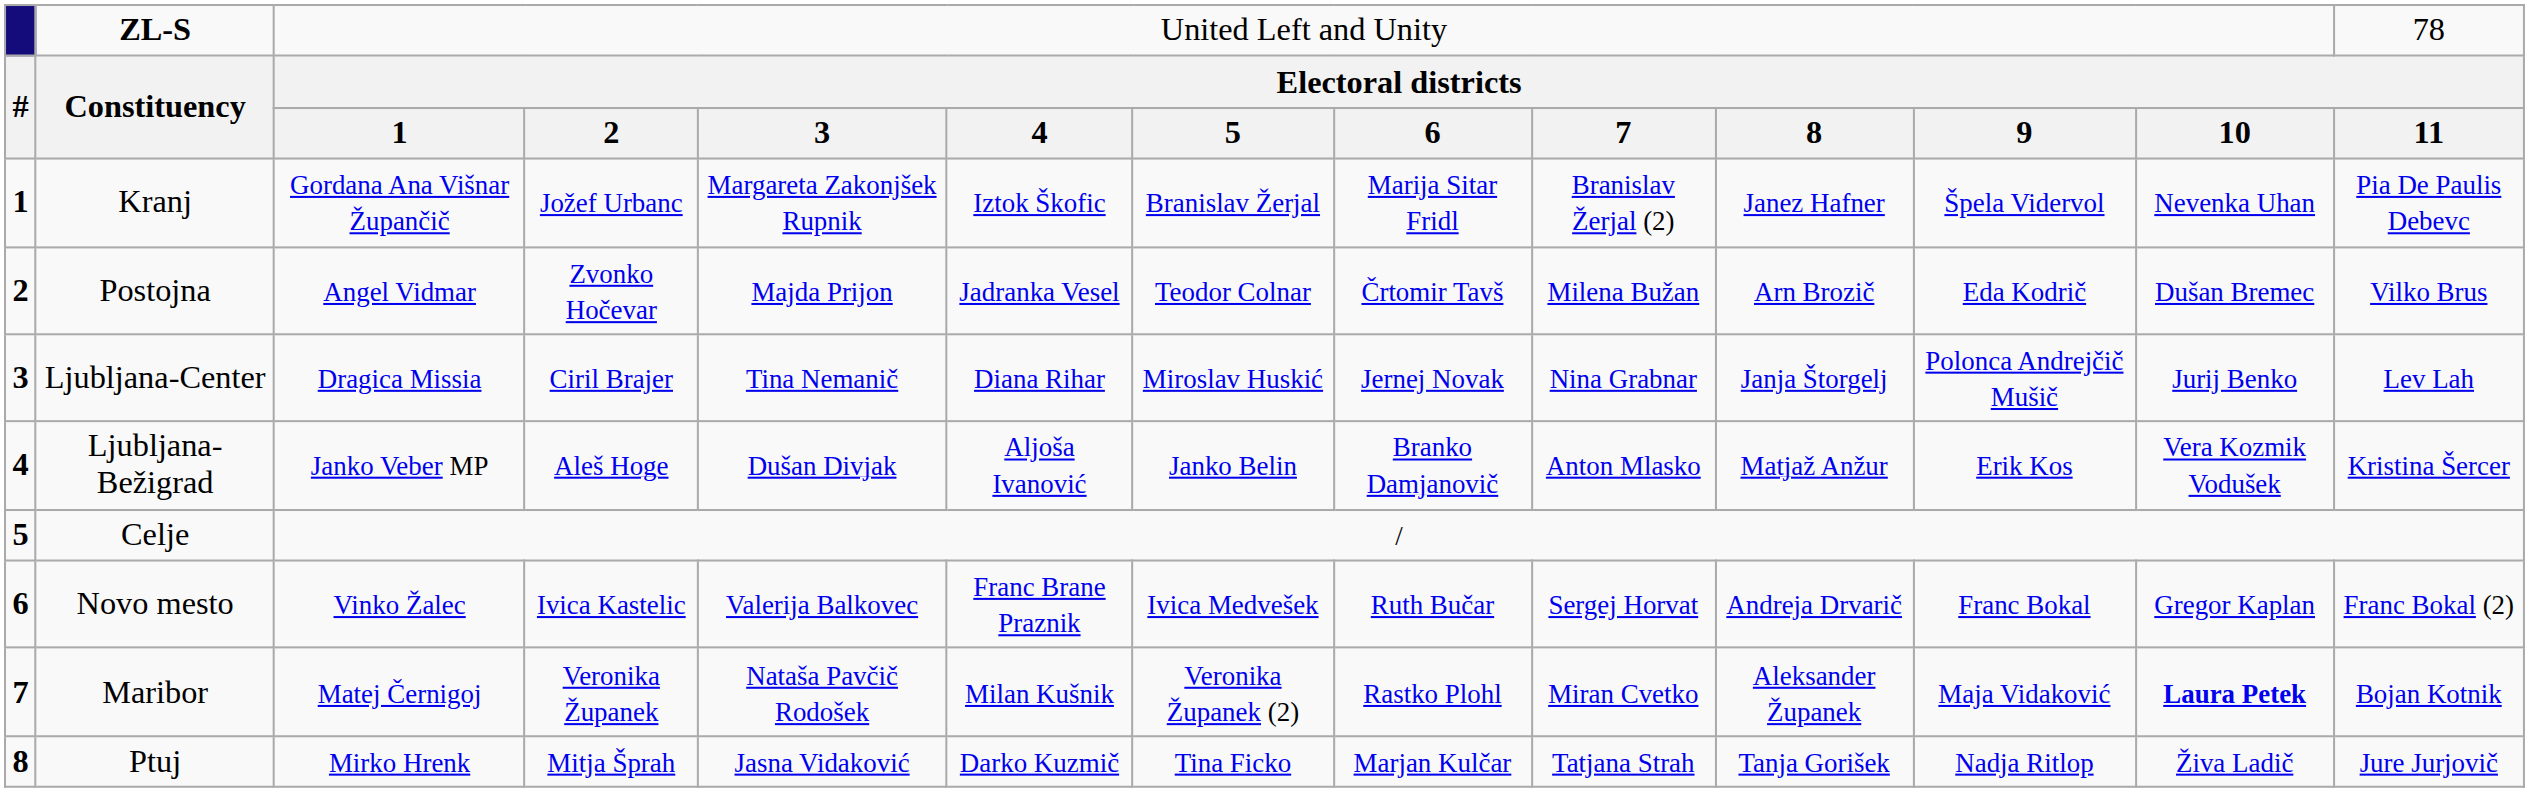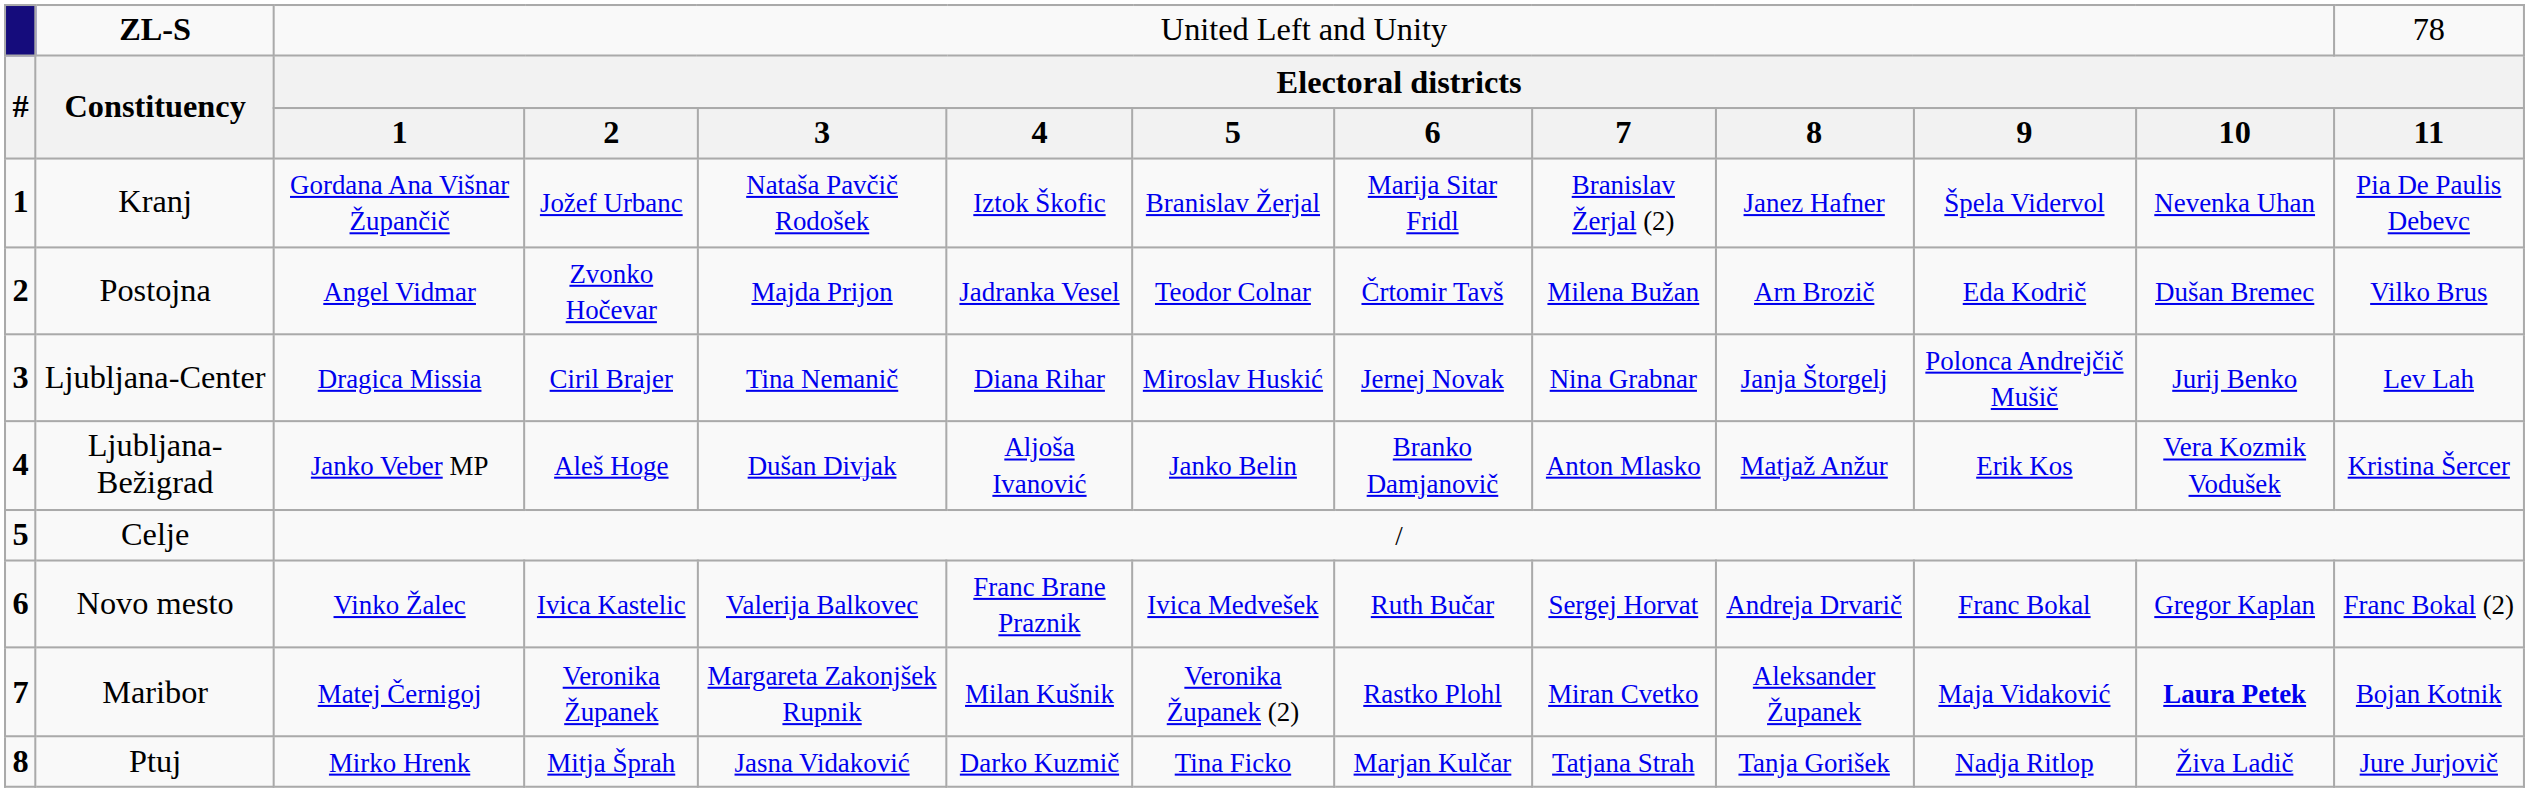 <table class="wikitable" style="text-align: center;">
 <tr>
 <td style="background:#150c7c"></td>
 <td><strong>ZL-S</strong></td>
 <td colspan="10">United Left and Unity<br></td>
 <td>78<br></td>
 </tr>
 <tr>
 <th rowspan="2">#</th>
 <th rowspan="2">Constituency</th>
 <th colspan="11">Electoral districts</th>
 </tr>
 <tr>
 <th>1</th>
 <th>2</th>
 <th>3</th>
 <th>4</th>
 <th>5</th>
 <th>6</th>
 <th>7</th>
 <th>8</th>
 <th>9</th>
 <th>10</th>
 <th>11</th>
 </tr>
 <tr>
 <td style="text-align:center;"><strong>1</strong></td>
 <td>Kranj</td>
 <td><a href='#'><small>Gordana Ana Višnar Župančič</small></a></td>
 <td><a href='#'><small>Jožef Urbanc</small></a></td>
-<td><a href='#'><small>Margareta Zakonjšek Rupnik</small></a></td>
+<td><a href='#'><small>Nataša Pavčič Rodošek</small></a></td>
 <td><a href='#'><small>Iztok Škofic</small></a></td>
 <td><a href='#'><small>Branislav Žerjal</small></a></td>
 <td><a href='#'><small>Marija Sitar Fridl</small></a></td>
 <td><small><a href='#'>Branislav Žerjal</a> (2)</small></td>
 <td><a href='#'><small>Janez Hafner</small></a></td>
 <td><a href='#'><small>Špela Vidervol</small></a></td>
 <td><a href='#'><small>Nevenka Uhan</small></a></td>
 <td><a href='#'><small>Pia De Paulis Debevc</small></a></td>
 </tr>
 <tr>
 <td style="text-align:center;"><strong>2</strong></td>
 <td>Postojna</td>
 <td><a href='#'><small>Angel Vidmar</small></a></td>
 <td><a href='#'><small>Zvonko Hočevar</small></a></td>
 <td><a href='#'><small>Majda Prijon</small></a></td>
 <td><a href='#'><small>Jadranka Vesel</small></a></td>
 <td><a href='#'><small>Teodor Colnar</small></a></td>
 <td><a href='#'><small>Črtomir Tavš</small></a></td>
 <td><a href='#'><small>Milena Bužan</small></a></td>
 <td><a href='#'><small>Arn Brozič</small></a></td>
 <td><a href='#'><small>Eda Kodrič</small></a></td>
 <td><a href='#'><small>Dušan Bremec</small></a></td>
 <td><a href='#'><small>Vilko Brus</small></a></td>
 </tr>
 <tr>
 <td style="text-align:center;"><strong>3</strong></td>
 <td>Ljubljana-Center</td>
 <td><a href='#'><small>Dragica Missia</small></a></td>
 <td><a href='#'><small>Ciril Brajer</small></a></td>
 <td><a href='#'><small>Tina Nemanič</small></a></td>
 <td><a href='#'><small>Diana Rihar</small></a></td>
 <td><a href='#'><small>Miroslav Huskić</small></a></td>
 <td><a href='#'><small>Jernej Novak</small></a></td>
 <td><a href='#'><small>Nina Grabnar</small></a></td>
 <td><a href='#'><small>Janja Štorgelj</small></a></td>
 <td><a href='#'><small>Polonca Andrejčič Mušič</small></a></td>
 <td><a href='#'><small>Jurij Benko</small></a></td>
 <td><a href='#'><small>Lev Lah</small></a></td>
 </tr>
 <tr>
 <td style="text-align:center;"><strong>4</strong></td>
 <td>Ljubljana-Bežigrad</td>
 <td><small><a href='#'>Janko Veber</a> MP</small></td>
 <td><a href='#'><small>Aleš Hoge</small></a></td>
 <td><a href='#'><small>Dušan Divjak</small></a></td>
 <td><a href='#'><small>Aljoša Ivanović</small></a></td>
 <td><a href='#'><small>Janko Belin</small></a></td>
 <td><a href='#'><small>Branko Damjanovič</small></a></td>
 <td><a href='#'><small>Anton Mlasko</small></a></td>
 <td><a href='#'><small>Matjaž Anžur</small></a></td>
 <td><a href='#'><small>Erik Kos</small></a></td>
 <td><a href='#'><small>Vera Kozmik Vodušek</small></a></td>
 <td><a href='#'><small>Kristina Šercer</small></a></td>
 </tr>
 <tr>
 <td style="text-align:center;"><strong>5</strong></td>
 <td>Celje</td>
 <td colspan="11"><small>/</small></td>
 </tr>
 <tr>
 <td style="text-align:center;"><strong>6</strong></td>
 <td>Novo mesto</td>
 <td><a href='#'><small>Vinko Žalec</small></a></td>
 <td><a href='#'><small>Ivica Kastelic</small></a></td>
 <td><a href='#'><small>Valerija Balkovec</small></a></td>
 <td><a href='#'><small>Franc Brane Praznik</small></a></td>
 <td><a href='#'><small>Ivica Medvešek</small></a></td>
 <td><a href='#'><small>Ruth Bučar</small></a></td>
 <td><a href='#'><small>Sergej Horvat</small></a></td>
 <td><a href='#'><small>Andreja Drvarič</small></a></td>
 <td><a href='#'><small>Franc Bokal</small></a></td>
 <td><a href='#'><small>Gregor Kaplan</small></a></td>
 <td><small><a href='#'>Franc Bokal</a> (2)</small></td>
 </tr>
 <tr>
 <td style="text-align:center;"><strong>7</strong></td>
 <td>Maribor</td>
 <td><a href='#'><small>Matej Černigoj</small></a></td>
 <td><a href='#'><small>Veronika Županek</small></a></td>
-<td><a href='#'><small>Nataša Pavčič Rodošek</small></a></td>
+<td><a href='#'><small>Margareta Zakonjšek Rupnik</small></a></td>
 <td><a href='#'><small>Milan Kušnik</small></a></td>
 <td><small><a href='#'>Veronika Županek</a> (2)</small></td>
 <td><a href='#'><small>Rastko Plohl</small></a></td>
 <td><a href='#'><small>Miran Cvetko</small></a></td>
 <td><a href='#'><small>Aleksander Županek</small></a></td>
 <td><a href='#'><small>Maja Vidaković</small></a></td>
 <td><strong><a href='#'><small>Laura Petek</small></a></strong></td>
 <td><a href='#'><small>Bojan Kotnik</small></a></td>
 </tr>
 <tr>
 <td style="text-align:center;"><strong>8</strong></td>
 <td>Ptuj</td>
 <td><a href='#'><small>Mirko Hrenk</small></a></td>
 <td><a href='#'><small>Mitja Šprah</small></a></td>
 <td><a href='#'><small>Jasna Vidaković</small></a></td>
 <td><a href='#'><small>Darko Kuzmič</small></a></td>
 <td><a href='#'><small>Tina Ficko</small></a></td>
 <td><a href='#'><small>Marjan Kulčar</small></a></td>
 <td><a href='#'><small>Tatjana Strah</small></a></td>
 <td><a href='#'><small>Tanja Gorišek</small></a></td>
 <td><a href='#'><small>Nadja Ritlop</small></a></td>
 <td><a href='#'><small>Živa Ladič</small></a></td>
 <td><a href='#'><small>Jure Jurjovič</small></a></td>
 </tr>
 </table>
